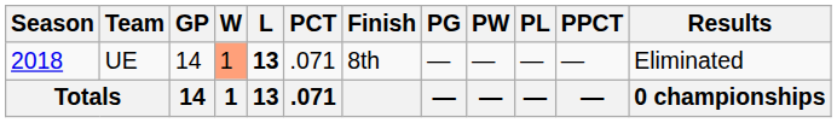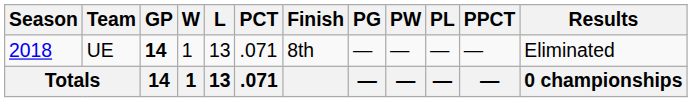 <table class="wikitable">
 <tr>
 <th>Season</th>
 <th>Team</th>
 <th>GP</th>
 <th>W</th>
 <th>L</th>
 <th>PCT</th>
 <th>Finish</th>
 <th>PG</th>
 <th>PW</th>
 <th>PL</th>
 <th>PPCT</th>
 <th>Results</th>
 </tr>
 <tr>
 <td><a href='#'>2018</a></td>
 <td>UE</td>
-<td>14</td>
-<td style="background: lightsalmon;">1</td>
-<td><strong>13</strong></td>
+<td><strong>14</strong></td>
+<td>1</td>
+<td>13</td>
 <td>.071</td>
 <td>8th</td>
 <td>—</td>
 <td>—</td>
 <td>—</td>
 <td>—</td>
 <td>Eliminated</td>
 </tr>
 <tr>
 <th colspan="2">Totals</th>
 <th>14</th>
 <th>1</th>
 <th>13</th>
 <th>.071</th>
 <th></th>
 <th>—</th>
 <th>—</th>
 <th>—</th>
 <th>—</th>
 <th>0 championships</th>
 </tr>
 </table>
